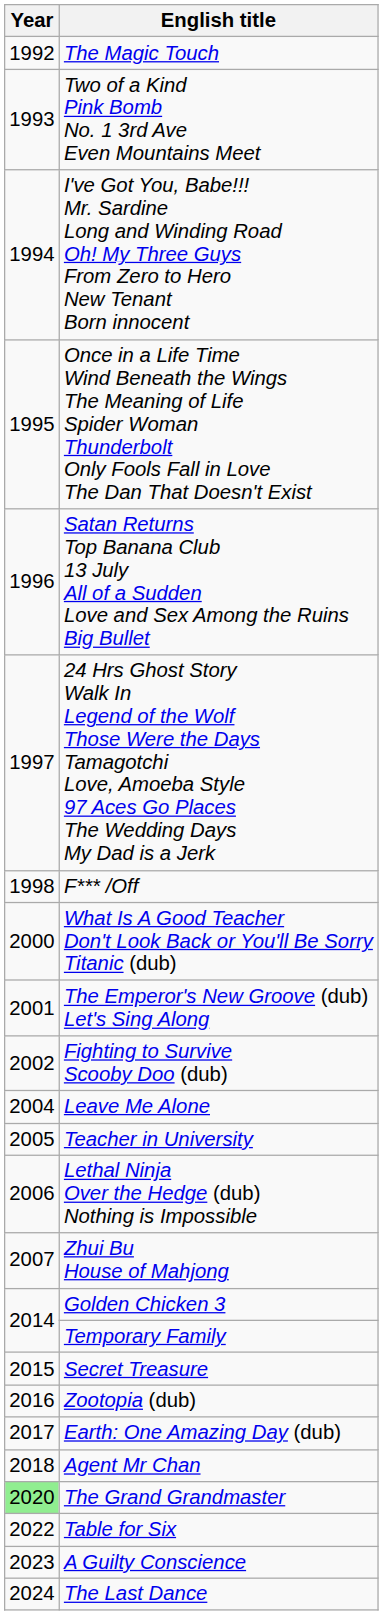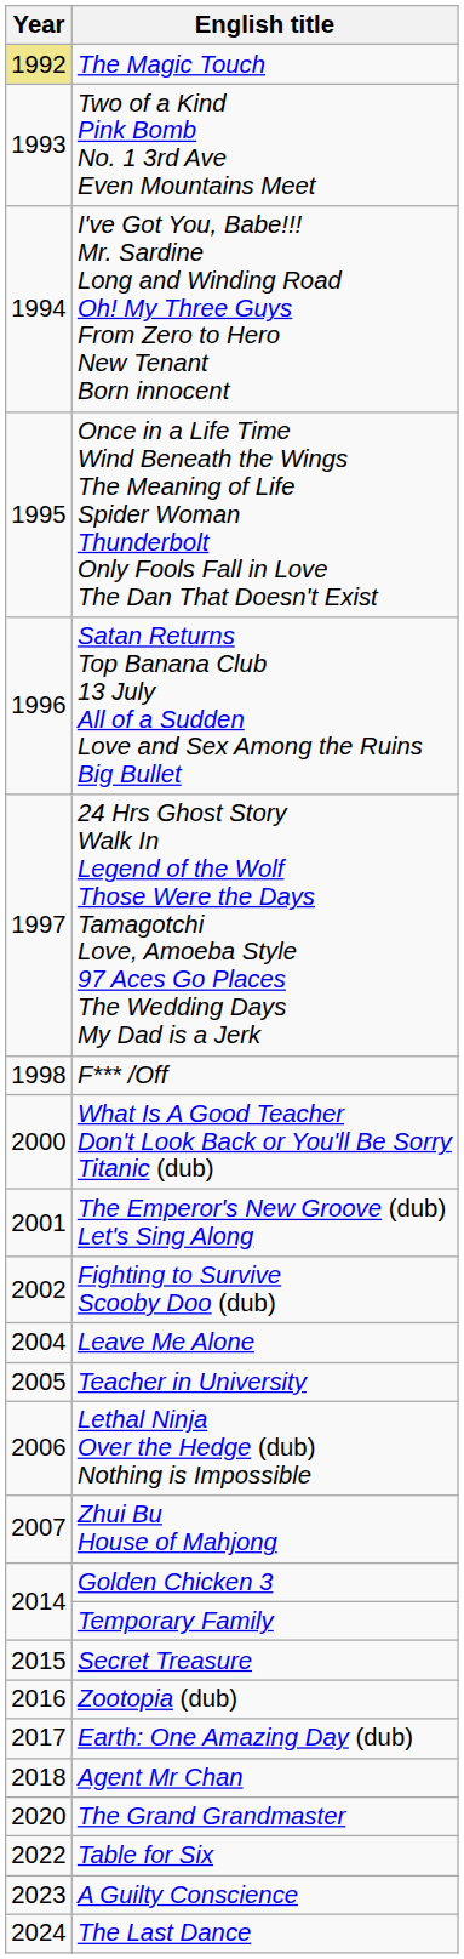 <table class="wikitable">
 <tr>
 <th>Year</th>
 <th>English title</th>
 </tr>
 <tr>
-<td>1992</td>
+<td style="background: khaki;">1992</td>
 <td><em><a href='#'>The Magic Touch</a></em></td>
 </tr>
 <tr>
 <td>1993</td>
 <td><em>Two of a Kind</em><br><em><a href='#'>Pink Bomb</a></em><br><em>No. 1 3rd Ave</em><br><em>Even Mountains Meet</em></td>
 </tr>
 <tr>
 <td>1994</td>
 <td><em>I've Got You, Babe!!!</em><br><em>Mr. Sardine</em><br><em>Long and Winding Road</em><br><em><a href='#'>Oh! My Three Guys</a></em><br><em>From Zero to Hero</em><br><em>New Tenant</em><br><em>Born innocent</em></td>
 </tr>
 <tr>
 <td>1995</td>
 <td><em>Once in a Life Time</em><br><em>Wind Beneath the Wings</em><br><em>The Meaning of Life</em><br><em>Spider Woman</em><br><em><a href='#'>Thunderbolt</a></em><br><em>Only Fools Fall in Love</em><br><em>The Dan That Doesn't Exist</em></td>
 </tr>
 <tr>
 <td>1996</td>
 <td><em><a href='#'>Satan Returns</a></em><br><em>Top Banana Club</em><br><em>13 July</em><br><em><a href='#'>All of a Sudden</a></em><br><em>Love and Sex Among the Ruins</em><br><em><a href='#'>Big Bullet</a></em></td>
 </tr>
 <tr>
 <td>1997</td>
 <td><em>24 Hrs Ghost Story</em><br><em>Walk In</em><br><em><a href='#'>Legend of the Wolf</a></em><br><em><a href='#'>Those Were the Days</a></em><br><em>Tamagotchi</em><br><em>Love, Amoeba Style</em><br><em><a href='#'>97 Aces Go Places</a></em><br><em>The Wedding Days</em><br><em>My Dad is a Jerk</em></td>
 </tr>
 <tr>
 <td>1998</td>
 <td><em>F*** /Off</em></td>
 </tr>
 <tr>
 <td>2000</td>
 <td><em><a href='#'>What Is A Good Teacher</a></em><br><em><a href='#'>Don't Look Back or You'll Be Sorry</a></em><br><em><a href='#'>Titanic</a></em> (dub)</td>
 </tr>
 <tr>
 <td>2001</td>
 <td><em><a href='#'>The Emperor's New Groove</a></em> (dub)<br><em><a href='#'>Let's Sing Along</a></em></td>
 </tr>
 <tr>
 <td>2002</td>
 <td><em><a href='#'>Fighting to Survive</a></em><br><em><a href='#'>Scooby Doo</a></em> (dub)</td>
 </tr>
 <tr>
 <td>2004</td>
 <td><em><a href='#'>Leave Me Alone</a></em></td>
 </tr>
 <tr>
 <td>2005</td>
 <td><em><a href='#'>Teacher in University</a></em></td>
 </tr>
 <tr>
 <td>2006</td>
 <td><em><a href='#'>Lethal Ninja</a></em><br><em><a href='#'>Over the Hedge</a></em> (dub)<br><em>Nothing is Impossible</em></td>
 </tr>
 <tr>
 <td>2007</td>
 <td><em><a href='#'>Zhui Bu</a></em><br><em><a href='#'>House of Mahjong</a></em></td>
 </tr>
 <tr>
 <td rowspan=2>2014</td>
 <td><em><a href='#'>Golden Chicken 3</a></em></td>
 </tr>
 <tr>
 <td><em><a href='#'>Temporary Family</a></em></td>
 </tr>
 <tr>
 <td>2015</td>
 <td><em><a href='#'>Secret Treasure</a></em></td>
 </tr>
 <tr>
 <td>2016</td>
 <td><em><a href='#'>Zootopia</a></em> (dub)</td>
 </tr>
 <tr>
 <td>2017</td>
 <td><em><a href='#'>Earth: One Amazing Day</a></em> (dub)</td>
 </tr>
 <tr>
 <td>2018</td>
 <td><a href='#'><em>Agent Mr Chan</em></a></td>
 </tr>
 <tr>
-<td style="background: lightgreen;">2020</td>
+<td>2020</td>
 <td><a href='#'><em>The Grand Grandmaster</em></a></td>
 </tr>
 <tr>
 <td>2022</td>
 <td><em><a href='#'>Table for Six</a></em></td>
 </tr>
 <tr>
 <td>2023</td>
 <td><em><a href='#'>A Guilty Conscience</a></em></td>
 </tr>
 <tr>
 <td>2024</td>
 <td><em><a href='#'>The Last Dance</a></em></td>
 </tr>
 </table>
